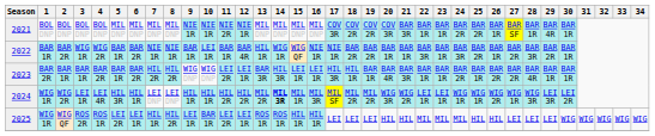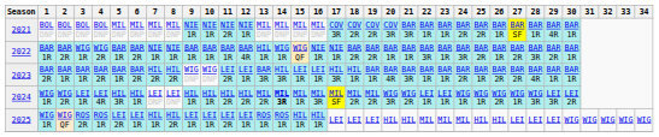 <table class="wikitable" style="width:20%; margin:0; font-size:84%">
 <tr>
 <th>Season</th>
 <th>1</th>
 <th>2</th>
 <th>3</th>
 <th>4</th>
 <th>5</th>
 <th>6</th>
 <th>7</th>
 <th>8</th>
 <th>9</th>
 <th>10</th>
 <th>11</th>
 <th>12</th>
 <th>13</th>
 <th>14</th>
 <th>15</th>
 <th>16</th>
 <th>17</th>
 <th>18</th>
 <th>19</th>
 <th>20</th>
 <th>21</th>
 <th>22</th>
 <th>23</th>
 <th>24</th>
 <th>25</th>
 <th>26</th>
 <th>27</th>
 <th>28</th>
 <th>29</th>
 <th>30</th>
 <th>31</th>
 <th>32</th>
 <th>33</th>
 <th>34</th>
 </tr>
 <tr>
 <td style="text-align:center; background:#efefef;"><a href='#'>2021</a></td>
 <td style="text-align:center; color:#ccc;"><a href='#'>BOL</a><br>DNP</td>
 <td style="text-align:center; color:#ccc;"><a href='#'>BOL</a><br>DNP</td>
 <td style="text-align:center; color:#ccc;"><a href='#'>BOL</a><br>DNP</td>
 <td style="text-align:center; color:#ccc;"><a href='#'>BOL</a><br>DNP</td>
 <td style="text-align:center; color:#ccc;"><a href='#'>MIL</a><br>DNP</td>
 <td style="text-align:center; color:#ccc;"><a href='#'>MIL</a><br>DNP</td>
 <td style="text-align:center; color:#ccc;"><a href='#'>MIL</a><br>DNP</td>
 <td style="text-align:center; color:#ccc;"><a href='#'>MIL</a><br>DNP</td>
 <td style="text-align:center; background:#afeeee;"><a href='#'>NIE</a><br>1R</td>
 <td style="text-align:center; background:#afeeee;"><a href='#'>NIE</a><br>1R</td>
 <td style="text-align:center; background:#afeeee;"><a href='#'>NIE</a><br>2R</td>
 <td style="text-align:center; background:#afeeee;"><a href='#'>NIE</a><br>1R</td>
 <td style="text-align:center; color:#ccc;"><a href='#'>MIL</a><br>DNP</td>
 <td style="text-align:center; color:#ccc;"><a href='#'>MIL</a><br>DNP</td>
 <td style="text-align:center; color:#ccc;"><a href='#'>MIL</a><br>DNP</td>
 <td style="text-align:center; color:#ccc;"><a href='#'>MIL</a><br>DNP</td>
 <td style="text-align:center; background:#afeeee;"><a href='#'>COV</a><br>3R</td>
 <td style="text-align:center; background:#afeeee;"><a href='#'>COV</a><br>2R</td>
 <td style="text-align:center; background:#afeeee;"><a href='#'>COV</a><br>2R</td>
 <td style="text-align:center; background:#afeeee;"><a href='#'>COV</a><br>3R</td>
 <td style="text-align:center; background:#afeeee;"><a href='#'>BAR</a><br>3R</td>
 <td style="text-align:center; background:#afeeee;"><a href='#'>BAR</a><br>1R</td>
 <td style="text-align:center; background:#afeeee;"><a href='#'>BAR</a><br>1R</td>
 <td style="text-align:center; background:#afeeee;"><a href='#'>BAR</a><br>2R</td>
 <td style="text-align:center; background:#afeeee;"><a href='#'>BAR</a><br>2R</td>
 <td style="text-align:center; background:#afeeee;"><a href='#'>BAR</a><br>1R</td>
 <td style="text-align:center; background:yellow;"><a href='#'>BAR</a><br>SF</td>
 <td style="text-align:center; background:#afeeee;"><a href='#'>BAR</a><br>1R</td>
 <td style="text-align:center; background:#afeeee;"><a href='#'>BAR</a><br>4R</td>
 <td style="text-align:center; background:#afeeee;"><a href='#'>BAR</a><br>1R</td>
 </tr>
 <tr>
 <td style="text-align:center; background:#efefef;"><a href='#'>2022</a></td>
 <td style="text-align:center; background:#afeeee;"><a href='#'>BAR</a><br>1R</td>
 <td style="text-align:center; background:#afeeee;"><a href='#'>BAR</a><br>2R</td>
 <td style="text-align:center; background:#afeeee;"><a href='#'>WIG</a><br>1R</td>
 <td style="text-align:center; background:#afeeee;"><a href='#'>WIG</a><br>2R</td>
 <td style="text-align:center; background:#afeeee;"><a href='#'>BAR</a><br>1R</td>
 <td style="text-align:center; background:#afeeee;"><a href='#'>BAR</a><br>2R</td>
 <td style="text-align:center; background:#afeeee;"><a href='#'>NIE</a><br>1R</td>
 <td style="text-align:center; background:#afeeee;"><a href='#'>NIE</a><br>1R</td>
 <td style="text-align:center; background:#afeeee;"><a href='#'>BAR</a><br>1R</td>
-<td style="text-align:center; background:#afeeee;"><a href='#'>LEI</a><br>1R</td>
+<td style="text-align:center; background:#afeeee;"><a href='#'>BAR</a><br>1R</td>
 <td style="text-align:center; background:#afeeee;"><a href='#'>BAR</a><br>1R</td>
 <td style="text-align:center; background:#afeeee;"><a href='#'>BAR</a><br>4R</td>
 <td style="text-align:center; background:#afeeee;"><a href='#'>HIL</a><br>1R</td>
 <td style="text-align:center; background:#afeeee;"><a href='#'>WIG</a><br>1R</td>
 <td style="text-align:center; background:#ffecbd;"><a href='#'>WIG</a><br>QF</td>
 <td style="text-align:center; background:#afeeee;"><a href='#'>NIE</a><br>1R</td>
 <td style="text-align:center; background:#afeeee;"><a href='#'>NIE</a><br>1R</td>
 <td style="text-align:center; background:#afeeee;"><a href='#'>BAR</a><br>2R</td>
 <td style="text-align:center; background:#afeeee;"><a href='#'>BAR</a><br>2R</td>
 <td style="text-align:center; background:#afeeee;"><a href='#'>BAR</a><br>1R</td>
 <td style="text-align:center; background:#afeeee;"><a href='#'>BAR</a><br>1R</td>
 <td style="text-align:center; background:#afeeee;"><a href='#'>BAR</a><br>3R</td>
 <td style="text-align:center; background:#afeeee;"><a href='#'>BAR</a><br>1R</td>
 <td style="text-align:center; background:#afeeee;"><a href='#'>BAR</a><br>3R</td>
 <td style="text-align:center; background:#afeeee;"><a href='#'>BAR</a><br>2R</td>
 <td style="text-align:center; background:#afeeee;"><a href='#'>BAR</a><br>1R</td>
 <td style="text-align:center; background:#afeeee;"><a href='#'>BAR</a><br>2R</td>
 <td style="text-align:center; background:#afeeee;"><a href='#'>BAR</a><br>3R</td>
 <td style="text-align:center; background:#afeeee;"><a href='#'>BAR</a><br>2R</td>
 <td style="text-align:center; background:#afeeee;"><a href='#'>BAR</a><br>1R</td>
 </tr>
 <tr>
 <td style="text-align:center; background:#efefef;"><a href='#'>2023</a></td>
 <td style="text-align:center; background:#afeeee;"><a href='#'>BAR</a><br>2R</td>
 <td style="text-align:center; background:#afeeee;"><a href='#'>BAR</a><br>1R</td>
 <td style="text-align:center; background:#afeeee;"><a href='#'>BAR</a><br>1R</td>
 <td style="text-align:center; background:#afeeee;"><a href='#'>BAR</a><br>2R</td>
 <td style="text-align:center; background:#afeeee;"><a href='#'>BAR</a><br>1R</td>
 <td style="text-align:center; background:#afeeee;"><a href='#'>BAR</a><br>2R</td>
 <td style="text-align:center; background:#afeeee;"><a href='#'>HIL</a><br>2R</td>
 <td style="text-align:center; background:#afeeee;"><a href='#'>HIL</a><br>2R</td>
 <td style="text-align:center; color:#ccc;"><a href='#'>WIG</a><br>DNP</td>
 <td style="text-align:center; color:#ccc;"><a href='#'>WIG</a><br>DNP</td>
 <td style="text-align:center; background:#afeeee;"><a href='#'>LEI</a><br>2R</td>
 <td style="text-align:center; background:#afeeee;"><a href='#'>LEI</a><br>1R</td>
 <td style="text-align:center; background:#afeeee;"><a href='#'>BAR</a><br>3R</td>
 <td style="text-align:center; background:#afeeee;"><a href='#'>HIL</a><br>3R</td>
 <td style="text-align:center; background:#afeeee;"><a href='#'>LEI</a><br>1R</td>
 <td style="text-align:center; background:#afeeee;"><a href='#'>LEI</a><br>1R</td>
 <td style="text-align:center; background:#afeeee;"><a href='#'>HIL</a><br>3R</td>
 <td style="text-align:center; background:#afeeee;"><a href='#'>HIL</a><br>1R</td>
 <td style="text-align:center; background:#afeeee;"><a href='#'>BAR</a><br>1R</td>
 <td style="text-align:center; background:#afeeee;"><a href='#'>BAR</a><br>4R</td>
 <td style="text-align:center; background:#afeeee;"><a href='#'>BAR</a><br>3R</td>
 <td style="text-align:center; background:#afeeee;"><a href='#'>BAR</a><br>1R</td>
 <td style="text-align:center; background:#afeeee;"><a href='#'>BAR</a><br>1R</td>
 <td style="text-align:center; background:#afeeee;"><a href='#'>BAR</a><br>2R</td>
 <td style="text-align:center; background:#afeeee;"><a href='#'>BAR</a><br>1R</td>
 <td style="text-align:center; background:#afeeee;"><a href='#'>BAR</a><br>2R</td>
 <td style="text-align:center; background:#afeeee;"><a href='#'>BAR</a><br>2R</td>
 <td style="text-align:center; background:#afeeee;"><a href='#'>BAR</a><br>4R</td>
 <td style="text-align:center; background:#afeeee;"><a href='#'>BAR</a><br>1R</td>
 <td style="text-align:center; background:#afeeee;"><a href='#'>BAR</a><br>1R</td>
 </tr>
 <tr>
 <td style="text-align:center; background:#efefef;"><a href='#'>2024</a></td>
 <td style="text-align:center; background:#afeeee;"><a href='#'>WIG</a><br>1R</td>
 <td style="text-align:center; background:#afeeee;"><a href='#'>WIG</a><br>2R</td>
 <td style="text-align:center; background:#afeeee;"><a href='#'>LEI</a><br>1R</td>
 <td style="text-align:center; background:#afeeee;"><a href='#'>LEI</a><br>4R</td>
 <td style="text-align:center; background:#afeeee;"><a href='#'>HIL</a><br>3R</td>
 <td style="text-align:center; background:#afeeee;"><a href='#'>HIL</a><br>1R</td>
 <td style="text-align:center; color:#ccc;"><a href='#'>LEI</a><br>DNP</td>
 <td style="text-align:center; color:#ccc;"><a href='#'>LEI</a><br>DNP</td>
 <td style="text-align:center; background:#afeeee;"><a href='#'>HIL</a><br>1R</td>
 <td style="text-align:center; background:#afeeee;"><a href='#'>HIL</a><br>1R</td>
 <td style="text-align:center; background:#afeeee;"><a href='#'>HIL</a><br>2R</td>
 <td style="text-align:center; background:#afeeee;"><a href='#'>HIL</a><br>2R</td>
 <td style="text-align:center; background:#afeeee;"><a href='#'>MIL</a><br>2R</td>
 <td style="text-align:center; background:#afeeee;"><strong><a href='#'>MIL</a><br>3R</strong></td>
 <td style="text-align:center; background:#afeeee;"><a href='#'>MIL</a><br>1R</td>
 <td style="text-align:center; background:#afeeee;"><a href='#'>MIL</a><br>3R</td>
 <td style="text-align:center; background:yellow;"><a href='#'>MIL</a><br>SF</td>
 <td style="text-align:center; background:#afeeee;"><a href='#'>MIL</a><br>2R</td>
 <td style="text-align:center; background:#afeeee;"><a href='#'>MIL</a><br>2R</td>
 <td style="text-align:center; background:#afeeee;"><a href='#'>WIG</a><br>3R</td>
 <td style="text-align:center; background:#afeeee;"><a href='#'>WIG</a><br>2R</td>
 <td style="text-align:center; background:#afeeee;"><a href='#'>LEI</a><br>1R</td>
 <td style="text-align:center; background:#afeeee;"><a href='#'>LEI</a><br>1R</td>
 <td style="text-align:center; background:#afeeee;"><a href='#'>WIG</a><br>1R</td>
 <td style="text-align:center; background:#afeeee;"><a href='#'>WIG</a><br>1R</td>
 <td style="text-align:center; background:#afeeee;"><a href='#'>WIG</a><br>2R</td>
 <td style="text-align:center; background:#afeeee;"><a href='#'>WIG</a><br>1R</td>
 <td style="text-align:center; background:#afeeee;"><a href='#'>WIG</a><br>3R</td>
 <td style="text-align:center; background:#afeeee;"><a href='#'>LEI</a><br>3R</td>
 <td style="text-align:center; background:#afeeee;"><a href='#'>LEI</a><br>2R</td>
 </tr>
 <tr>
 <td style="text-align:center; background:#efefef;"><a href='#'>2025</a></td>
 <td style="text-align:center; background:#afeeee;"><a href='#'>WIG</a><br>1R</td>
 <td style="text-align:center; background:#ffebcd;"><a href='#'>WIG</a><br>QF</td>
 <td style="text-align:center; background:#afeeee;"><a href='#'>ROS</a><br>2R</td>
 <td style="text-align:center; background:#afeeee;"><a href='#'>ROS</a><br>1R</td>
 <td style="text-align:center; background:#afeeee;"><a href='#'>LEI</a><br>2R</td>
 <td style="text-align:center; background:#afeeee;"><a href='#'>LEI</a><br>1R</td>
 <td style="text-align:center; background:#afeeee;"><a href='#'>HIL</a><br>1R</td>
 <td style="text-align:center; background:#afeeee;"><a href='#'>HIL</a><br>2R</td>
 <td style="text-align:center; background:#afeeee;"><a href='#'>LEI</a><br>1R</td>
-<td style="text-align:center; background:#afeeee;"><a href='#'>BAR</a><br>1R</td>
+<td style="text-align:center; background:#afeeee;"><a href='#'>LEI</a><br>1R</td>
 <td style="text-align:center; background:#afeeee;"><a href='#'>LEI</a><br>2R</td>
 <td style="text-align:center; background:#afeeee;"><a href='#'>LEI</a><br>1R</td>
 <td style="text-align:center; background:#afeeee;"><a href='#'>ROS</a><br>1R</td>
 <td style="text-align:center; background:#afeeee;"><a href='#'>ROS</a><br>1R</td>
 <td style="text-align:center; background:#afeeee;"><a href='#'>HIL</a><br>1R</td>
 <td style="text-align:center; background:#afeeee;"><a href='#'>HIL</a><br>1R</td>
 <td style="text-align:center; background:#;"><a href='#'>LEI</a><br></td>
 <td style="text-align:center; background:#;"><a href='#'>LEI</a><br></td>
 <td style="text-align:center; background:#;"><a href='#'>LEI</a><br></td>
 <td style="text-align:center; background:#;"><a href='#'>HIL</a><br></td>
 <td style="text-align:center; background:#;"><a href='#'>HIL</a><br></td>
 <td style="text-align:center; background:#;"><a href='#'>MIL</a><br></td>
 <td style="text-align:center; background:#;"><a href='#'>MIL</a><br></td>
 <td style="text-align:center; background:#;"><a href='#'>MIL</a><br></td>
 <td style="text-align:center; background:#;"><a href='#'>HIL</a><br></td>
 <td style="text-align:center; background:#;"><a href='#'>HIL</a><br></td>
 <td style="text-align:center; background:#;"><a href='#'>LEI</a><br></td>
 <td style="text-align:center; background:#;"><a href='#'>LEI</a><br></td>
 <td style="text-align:center; background:#;"><a href='#'>LEI</a><br></td>
 <td style="text-align:center; background:#;"><a href='#'>WIG</a><br></td>
 <td style="text-align:center; background:#;"><a href='#'>WIG</a><br></td>
 <td style="text-align:center; background:#;"><a href='#'>WIG</a><br></td>
 <td style="text-align:center; background:#;"><a href='#'>WIG</a><br></td>
 <td style="text-align:center; background:#;"><a href='#'>WIG</a><br></td>
 </tr>
 <tr>
 </tr>
 </table>
